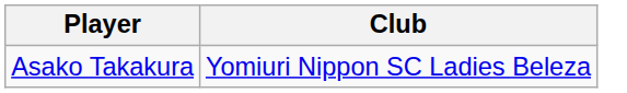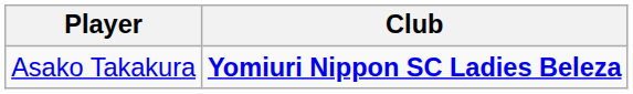 <table class="wikitable">
 <tr>
 <th>Player</th>
 <th>Club</th>
 </tr>
 <tr>
 <td> <a href='#'>Asako Takakura</a></td>
-<td><a href='#'>Yomiuri Nippon SC Ladies Beleza</a></td>
+<td><strong><a href='#'>Yomiuri Nippon SC Ladies Beleza</a></strong></td>
 </tr>
 </table>
